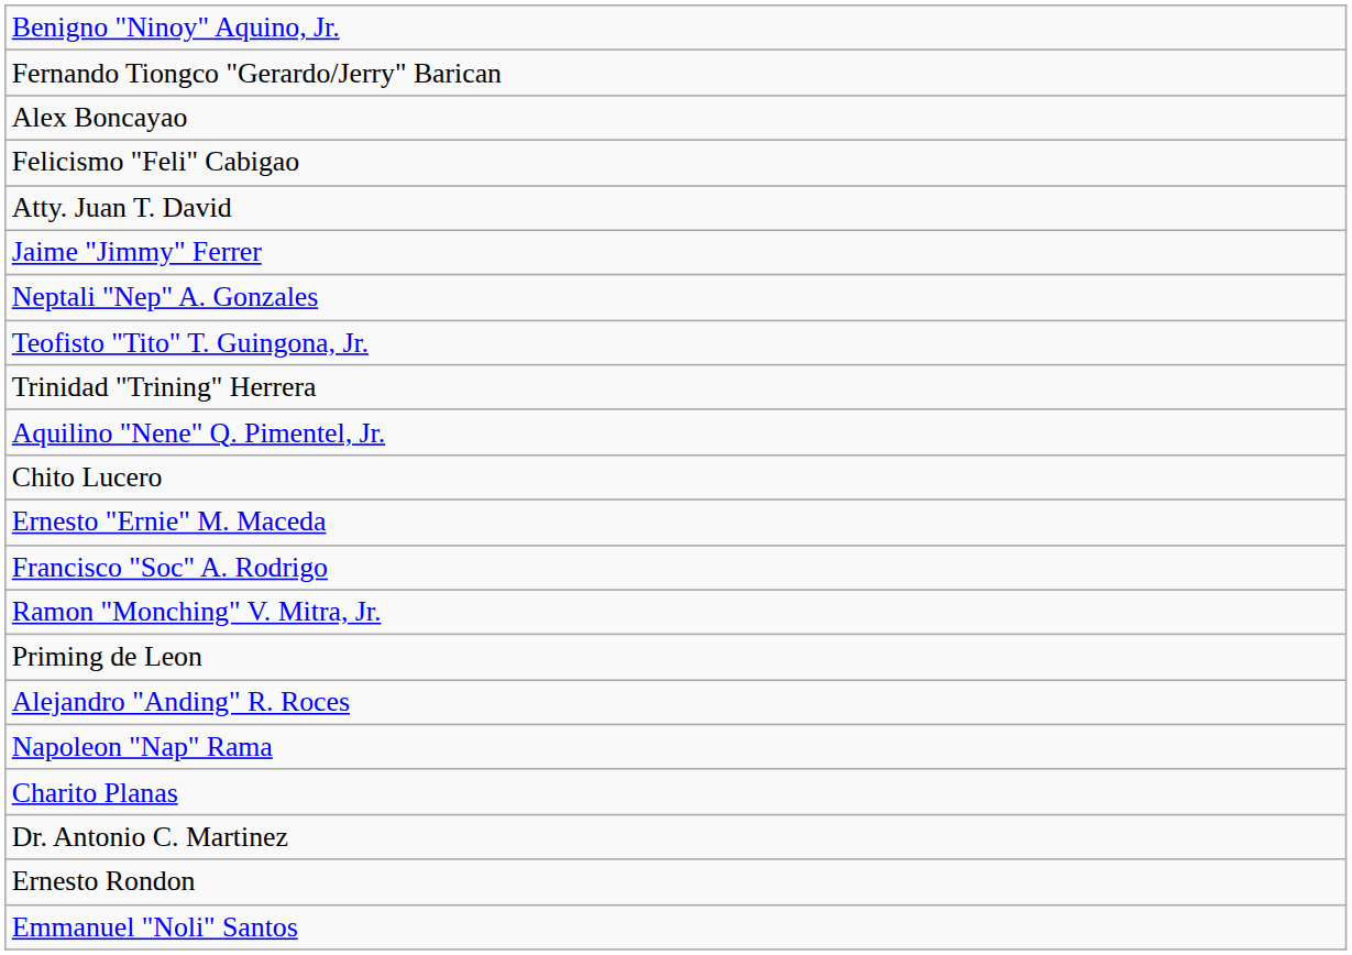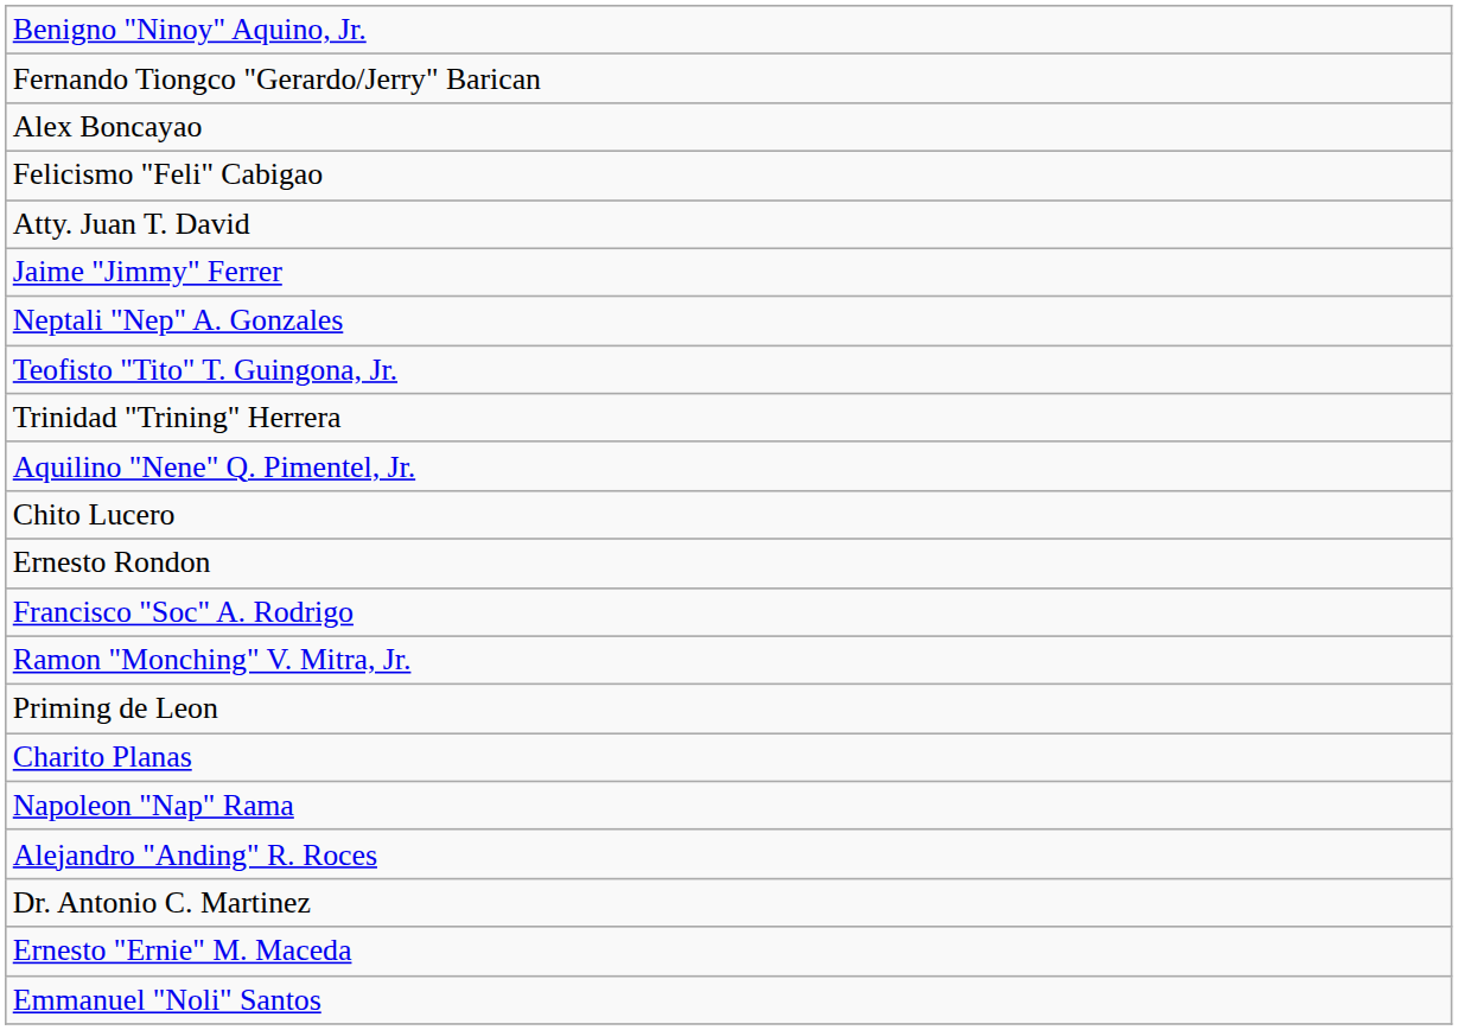 <table class="wikitable" width=60%>
 <tr>
 <td><a href='#'>Benigno "Ninoy" Aquino, Jr.</a></td>
 </tr>
 <tr>
 <td>Fernando Tiongco "Gerardo/Jerry" Barican</td>
 </tr>
 <tr>
 <td>Alex Boncayao</td>
 </tr>
 <tr>
 <td>Felicismo "Feli" Cabigao</td>
 </tr>
 <tr>
 <td>Atty. Juan T. David</td>
 </tr>
 <tr>
 <td><a href='#'>Jaime "Jimmy" Ferrer</a></td>
 </tr>
 <tr>
 <td><a href='#'>Neptali "Nep" A. Gonzales</a></td>
 </tr>
 <tr>
 <td><a href='#'>Teofisto "Tito" T. Guingona, Jr.</a></td>
 </tr>
 <tr>
 <td>Trinidad "Trining" Herrera</td>
 </tr>
 <tr>
 <td><a href='#'>Aquilino "Nene" Q. Pimentel, Jr.</a></td>
 </tr>
 <tr>
 <td>Chito Lucero</td>
 </tr>
 <tr>
-<td><a href='#'>Ernesto "Ernie" M. Maceda</a></td>
+<td>Ernesto Rondon</td>
 </tr>
 <tr>
 <td><a href='#'>Francisco "Soc" A. Rodrigo</a></td>
 </tr>
 <tr>
 <td><a href='#'>Ramon "Monching" V. Mitra, Jr.</a></td>
 </tr>
 <tr>
 <td>Priming de Leon</td>
 </tr>
 <tr>
-<td><a href='#'>Alejandro "Anding" R. Roces</a></td>
+<td><a href='#'>Charito Planas</a></td>
 </tr>
 <tr>
 <td><a href='#'>Napoleon "Nap" Rama</a></td>
 </tr>
 <tr>
-<td><a href='#'>Charito Planas</a></td>
+<td><a href='#'>Alejandro "Anding" R. Roces</a></td>
 </tr>
 <tr>
 <td>Dr. Antonio C. Martinez</td>
 </tr>
 <tr>
-<td>Ernesto Rondon</td>
+<td><a href='#'>Ernesto "Ernie" M. Maceda</a></td>
 </tr>
 <tr>
 <td><a href='#'>Emmanuel "Noli" Santos</a></td>
 </tr>
 </table>
